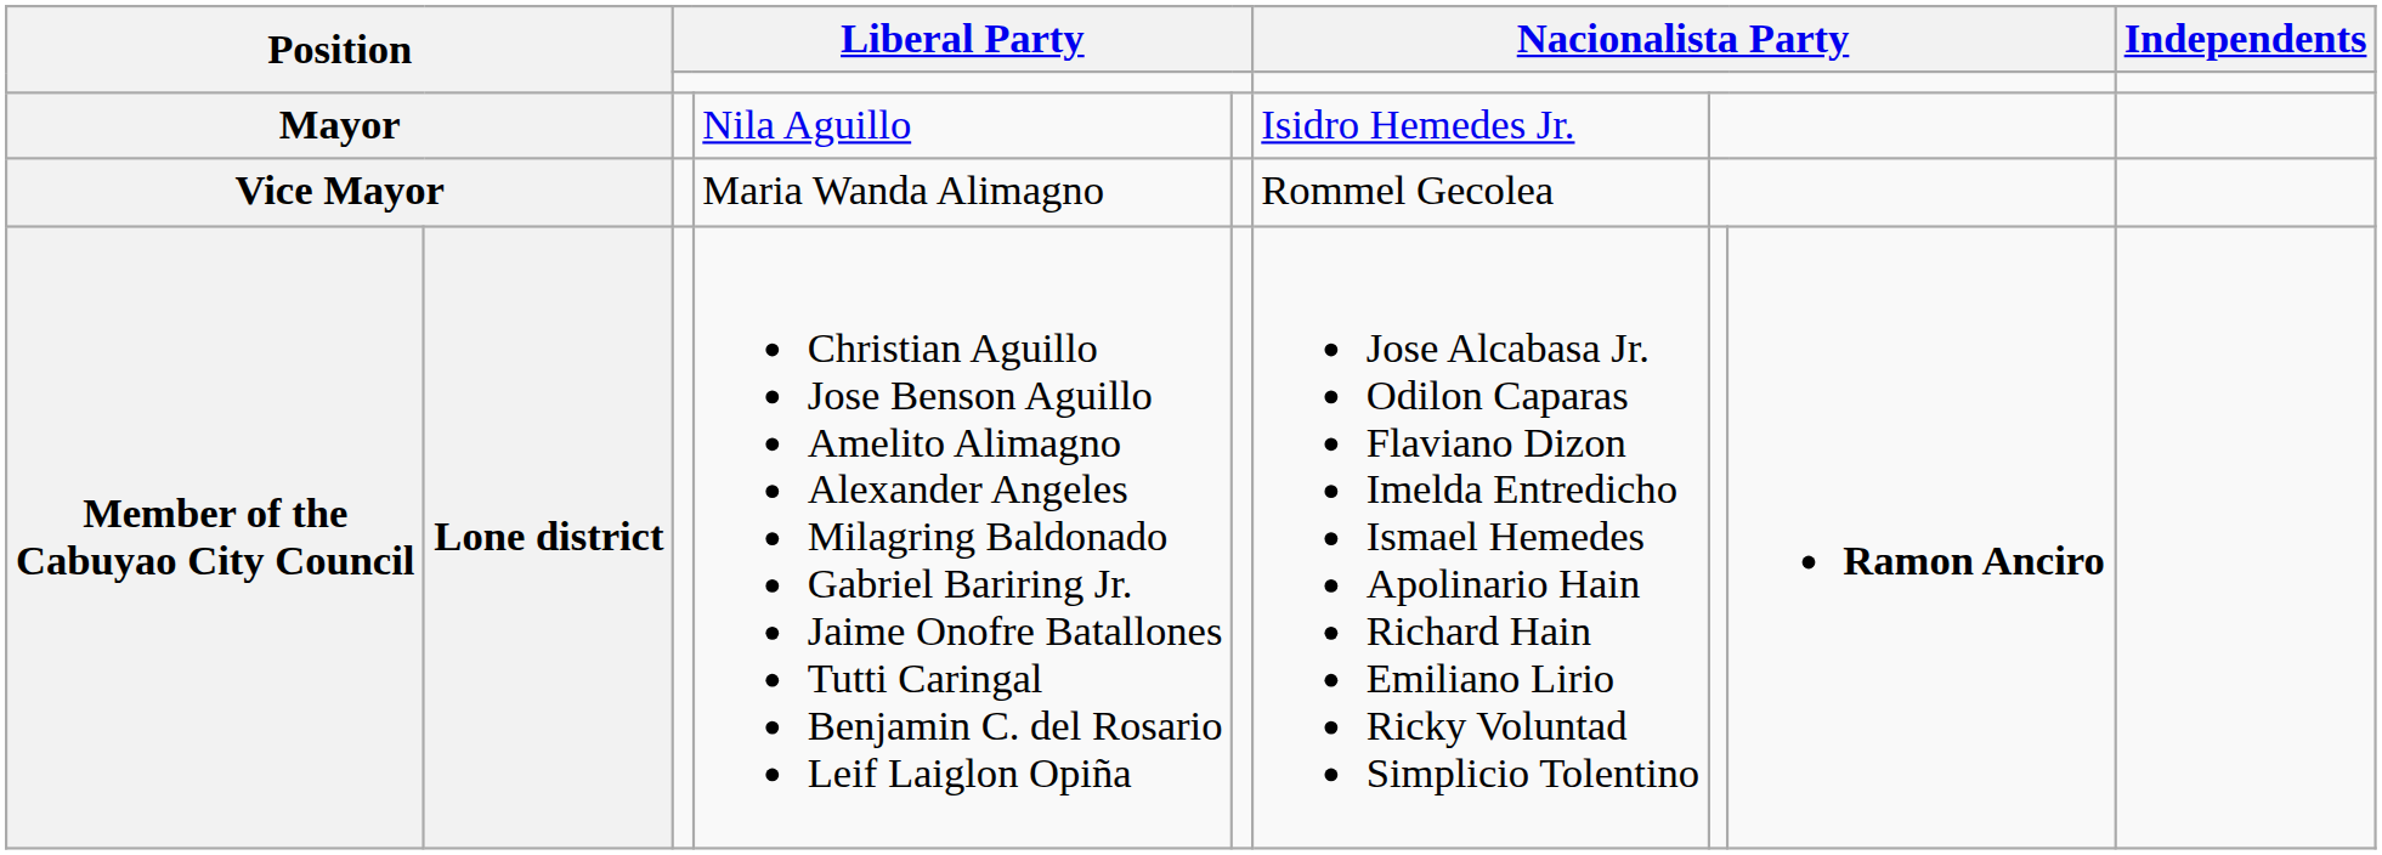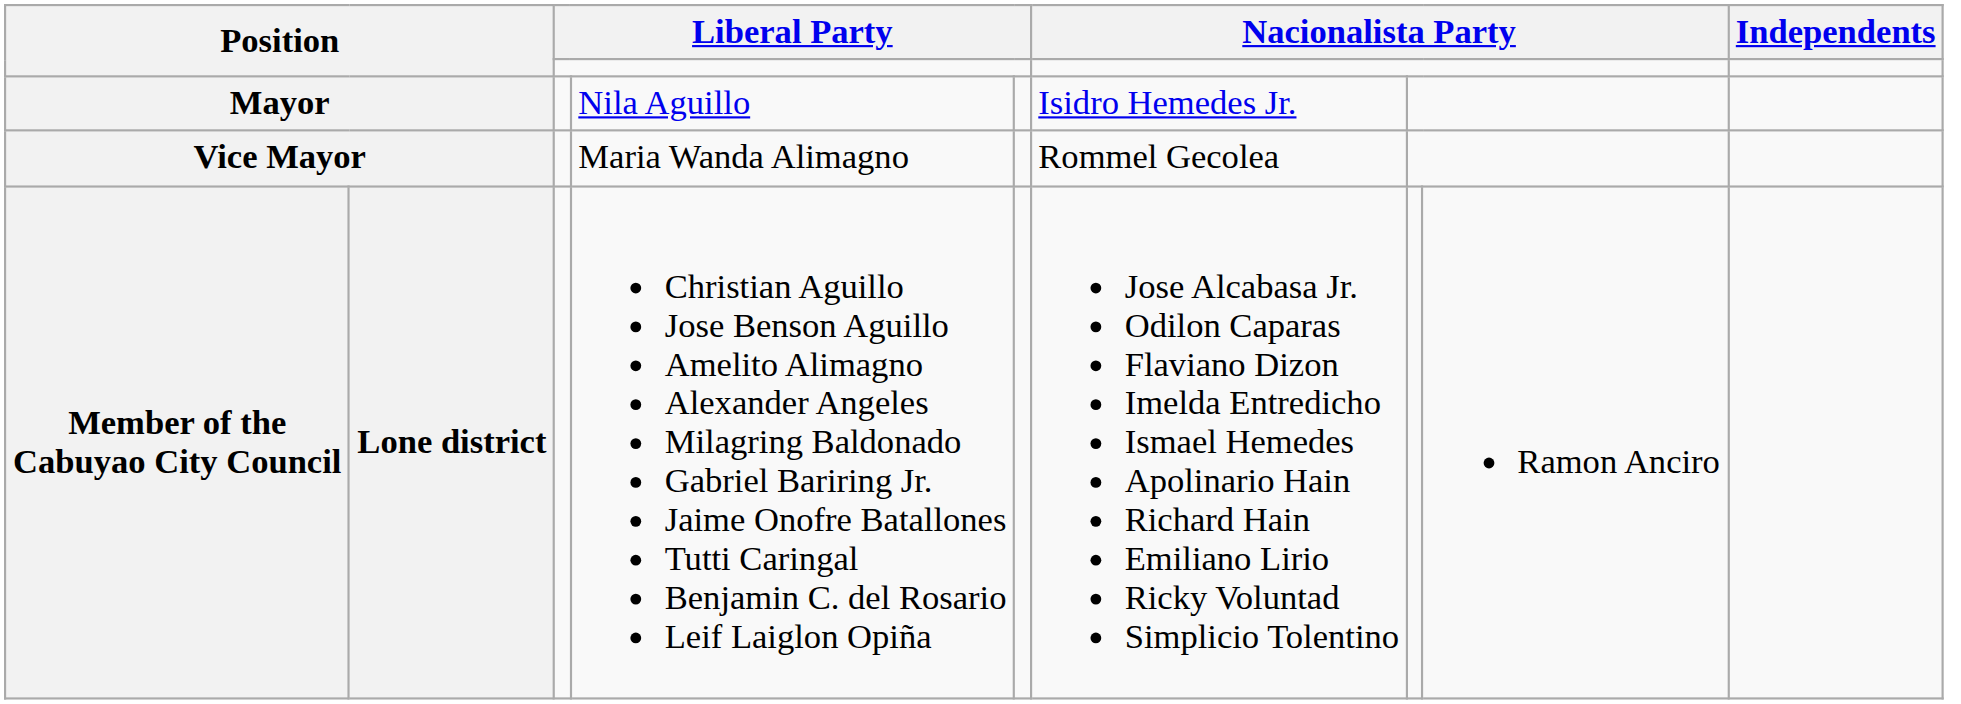 <table class=wikitable>
 <tr>
 <th rowspan=2 colspan=2>Position</th>
 <th colspan=3><a href='#'>Liberal Party</a></th>
 <th colspan=3><a href='#'>Nacionalista Party</a></th>
 <th colspan=3><a href='#'>Independents</a></th>
 </tr>
 <tr>
 <td colspan=3 bgcolor=></td>
 <td colspan=3 bgcolor=></td>
 <td colspan=3 bgcolor=></td>
 </tr>
 <tr>
 <th colspan=2>Mayor</th>
 <td></td>
 <td><a href='#'>Nila Aguillo</a></td>
 <td></td>
 <td><a href='#'>Isidro Hemedes Jr.</a></td>
 <td colspan=2></td>
 <td colspan=2></td>
 </tr>
 <tr>
 <th colspan=2>Vice Mayor</th>
 <td></td>
 <td>Maria Wanda Alimagno</td>
 <td></td>
 <td>Rommel Gecolea</td>
 <td colspan=2></td>
 <td colspan=2></td>
 </tr>
 <tr>
 <th rowspan=10>Member of the <br> Cabuyao City Council</th>
 <th>Lone district</th>
 <td></td>
 <td><br><ul><li>Christian Aguillo</li><li>Jose Benson Aguillo</li><li>Amelito Alimagno</li><li>Alexander Angeles</li><li>Milagring Baldonado</li><li>Gabriel Bariring Jr.</li><li>Jaime Onofre Batallones</li><li>Tutti Caringal</li><li>Benjamin C. del Rosario</li><li>Leif Laiglon Opiña</li></ul></td>
 <td></td>
 <td><br><ul><li>Jose Alcabasa Jr.</li><li>Odilon Caparas</li><li>Flaviano Dizon</li><li>Imelda Entredicho</li><li>Ismael Hemedes</li><li>Apolinario Hain</li><li>Richard Hain</li><li>Emiliano Lirio</li><li>Ricky Voluntad</li><li>Simplicio Tolentino</li></ul></td>
 <td></td>
-<td><strong><br><ul><li>Ramon Anciro</li></ul></strong></td>
+<td><br><ul><li>Ramon Anciro</li></ul></td>
 </tr>
 </table>
